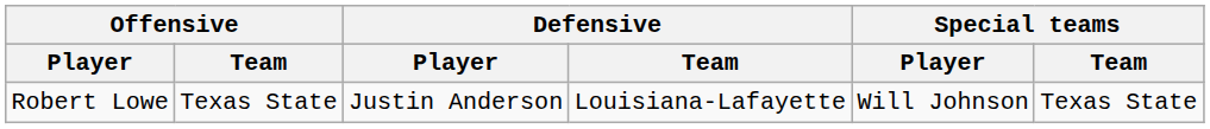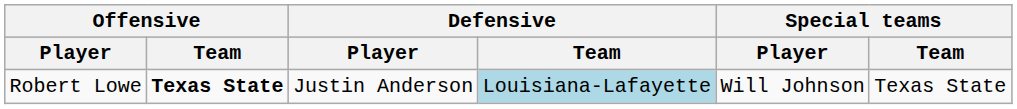 <table class="wikitable">
 <tr>
 <th colspan="2">Offensive</th>
 <th colspan="2">Defensive</th>
 <th colspan="2">Special teams</th>
 </tr>
 <tr>
 <th>Player</th>
 <th>Team</th>
 <th>Player</th>
 <th>Team</th>
 <th>Player</th>
 <th>Team</th>
 </tr>
 <tr>
 <td>Robert Lowe</td>
-<td>Texas State</td>
+<td><strong>Texas State</strong></td>
 <td>Justin Anderson</td>
-<td>Louisiana-Lafayette</td>
+<td style="background: lightblue;">Louisiana-Lafayette</td>
 <td>Will Johnson</td>
 <td>Texas State</td>
 </tr>
 </table>
